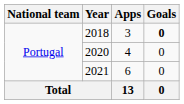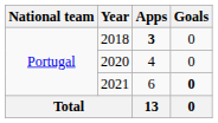 <table class="wikitable" style="text-align:center">
 <tr>
 <th>National team</th>
 <th>Year</th>
 <th>Apps</th>
 <th>Goals</th>
 </tr>
 <tr>
 <td rowspan="3"><a href='#'>Portugal</a></td>
 <td>2018</td>
-<td>3</td>
-<td><strong>0</strong></td>
+<td><strong>3</strong></td>
+<td>0</td>
 </tr>
 <tr>
 <td>2020</td>
 <td>4</td>
 <td>0</td>
 </tr>
 <tr>
 <td>2021</td>
 <td>6</td>
-<td>0</td>
+<td><strong>0</strong></td>
 </tr>
 <tr>
 <th colspan="2">Total</th>
 <th>13</th>
 <th>0</th>
 </tr>
 </table>
